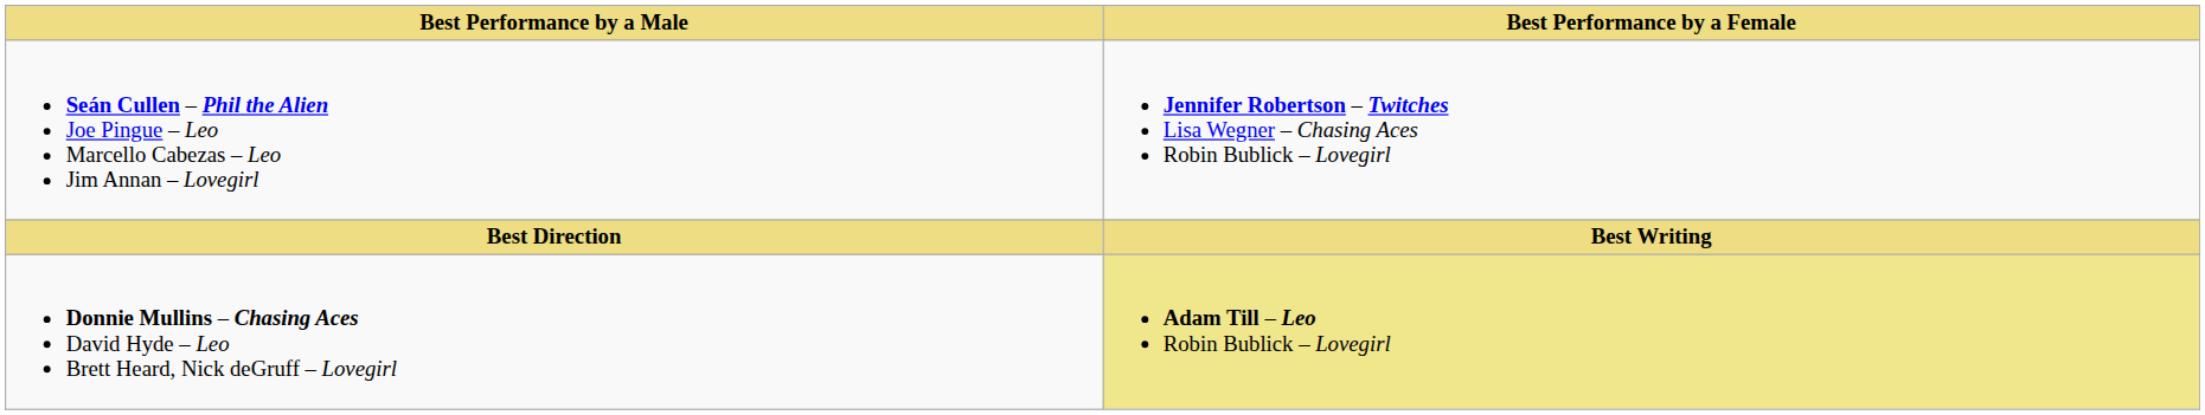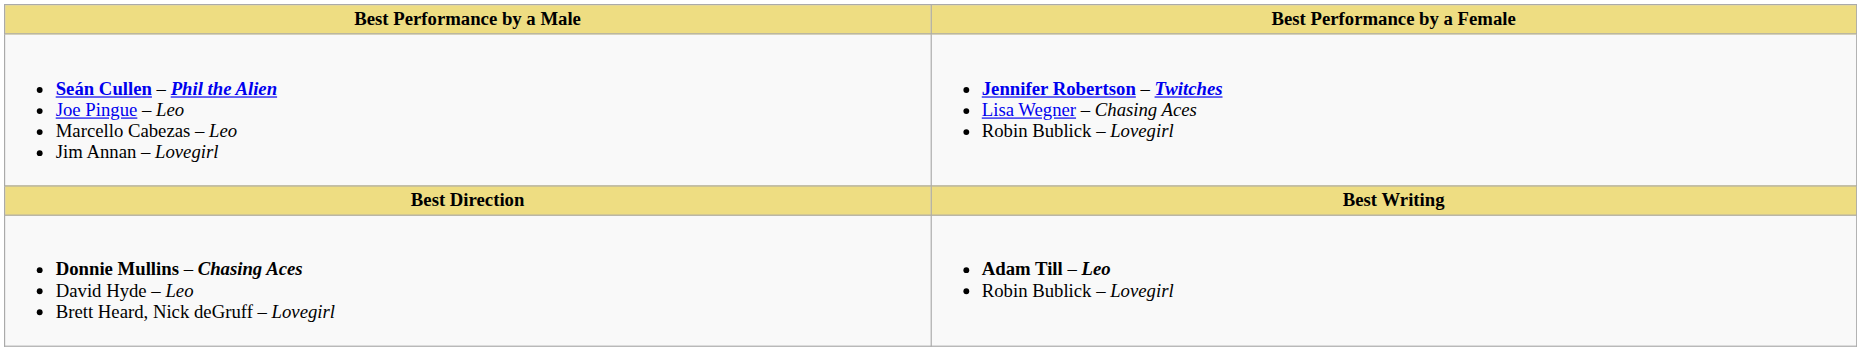 <table class="wikitable" style="width:100%;">
 <tr>
 <th style="background:#EEDD82; width:50%">Best Performance by a Male</th>
 <th style="background:#EEDD82; width:50%">Best Performance by a Female</th>
 </tr>
 <tr>
 <td valign="top"><br><ul><li> <strong><a href='#'>Seán Cullen</a></strong> – <strong><em><a href='#'>Phil the Alien</a></em></strong></li><li><a href='#'>Joe Pingue</a> – <em>Leo</em></li><li>Marcello Cabezas – <em>Leo</em></li><li>Jim Annan – <em>Lovegirl</em></li></ul></td>
 <td valign="top"><br><ul><li> <strong><a href='#'>Jennifer Robertson</a></strong> – <strong><em><a href='#'>Twitches</a></em></strong></li><li><a href='#'>Lisa Wegner</a> – <em>Chasing Aces</em></li><li>Robin Bublick – <em>Lovegirl</em></li></ul></td>
 </tr>
 <tr>
 <th style="background:#EEDD82; width:50%">Best Direction</th>
 <th style="background:#EEDD82; width:50%">Best Writing</th>
 </tr>
 <tr>
 <td valign="top"><br><ul><li> <strong>Donnie Mullins</strong> – <strong><em>Chasing Aces</em></strong></li><li>David Hyde – <em>Leo</em></li><li>Brett Heard, Nick deGruff – <em>Lovegirl</em></li></ul></td>
-<td valign="top" style="background: khaki;"><br><ul><li> <strong>Adam Till</strong> – <strong><em>Leo</em></strong></li><li>Robin Bublick – <em>Lovegirl</em></li></ul></td>
+<td valign="top"><br><ul><li> <strong>Adam Till</strong> – <strong><em>Leo</em></strong></li><li>Robin Bublick – <em>Lovegirl</em></li></ul></td>
 </tr>
 </table>
